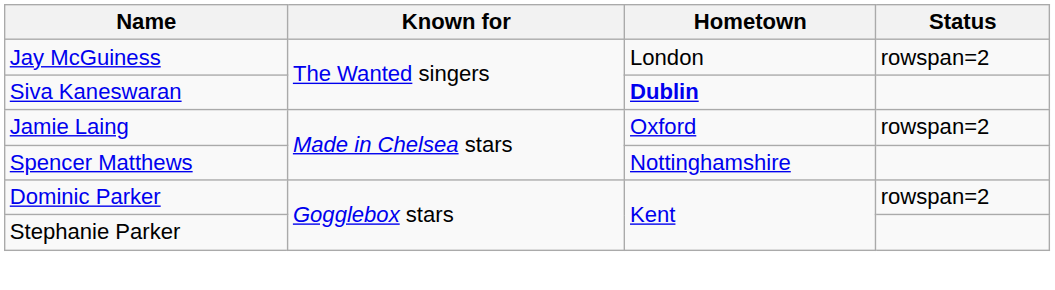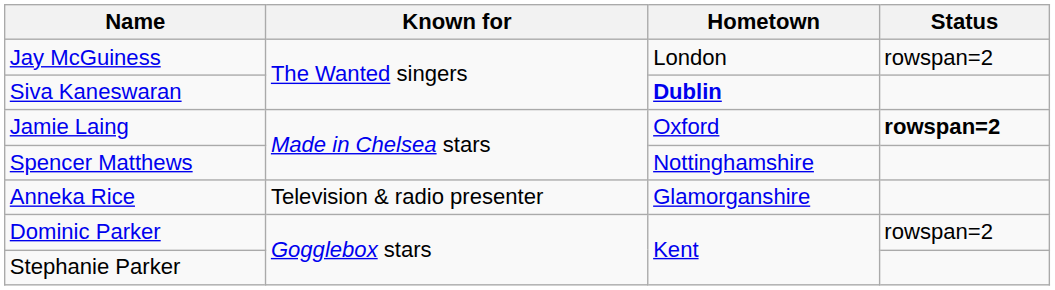 <table class="wikitable sortable" width=60%>
 <tr>
 <th>Name</th>
 <th>Known for</th>
 <th>Hometown</th>
 <th>Status</th>
 </tr>
 <tr>
 <td><a href='#'>Jay McGuiness</a></td>
 <td rowspan="2"><a href='#'>The Wanted</a> singers</td>
 <td>London</td>
 <td>rowspan=2 </td>
 </tr>
 <tr>
 <td><a href='#'>Siva Kaneswaran</a></td>
 <td><strong><a href='#'>Dublin</a></strong></td>
 </tr>
 <tr>
 <td><a href='#'>Jamie Laing</a></td>
 <td rowspan="2"><em><a href='#'>Made in Chelsea</a></em> stars</td>
 <td><a href='#'>Oxford</a></td>
-<td>rowspan=2 </td>
+<td><strong>rowspan=2 </strong></td>
 </tr>
 <tr>
 <td><a href='#'>Spencer Matthews</a></td>
 <td><a href='#'>Nottinghamshire</a></td>
+</tr>
+<tr>
+<td><a href='#'>Anneka Rice</a></td>
+<td>Television & radio presenter</td>
+<td><a href='#'>Glamorganshire</a></td>
+<td></td>
 </tr>
 <tr>
 <td><a href='#'>Dominic Parker</a></td>
 <td rowspan="2"><em><a href='#'>Gogglebox</a></em> stars</td>
 <td rowspan="2"><a href='#'>Kent</a></td>
 <td>rowspan=2 </td>
 </tr>
 <tr>
 <td>Stephanie Parker</td>
 </tr>
 </table>
